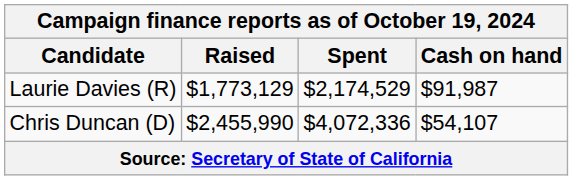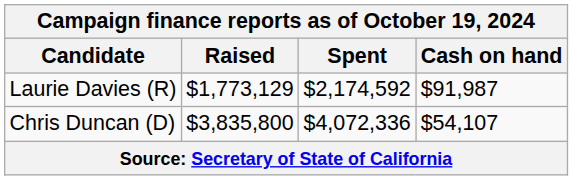 <table class="wikitable sortable">
 <tr>
 <th colspan=4>Campaign finance reports as of October 19, 2024</th>
 </tr>
 <tr style="text-align:center;">
 <th>Candidate</th>
 <th>Raised</th>
 <th>Spent</th>
 <th>Cash on hand</th>
 </tr>
 <tr>
 <td style="background-color:">Laurie Davies (R)</td>
 <td>$1,773,129</td>
-<td>$2,174,529</td>
+<td>$2,174,592</td>
 <td>$91,987</td>
 </tr>
 <tr>
 <td style="color:black;background-color:">Chris Duncan (D)</td>
-<td>$2,455,990</td>
+<td>$3,835,800</td>
 <td>$4,072,336</td>
 <td>$54,107</td>
 </tr>
 <tr>
 <th colspan="4"><small>Source: <a href='#'>Secretary of State of California</a></small></th>
 </tr>
 </table>
